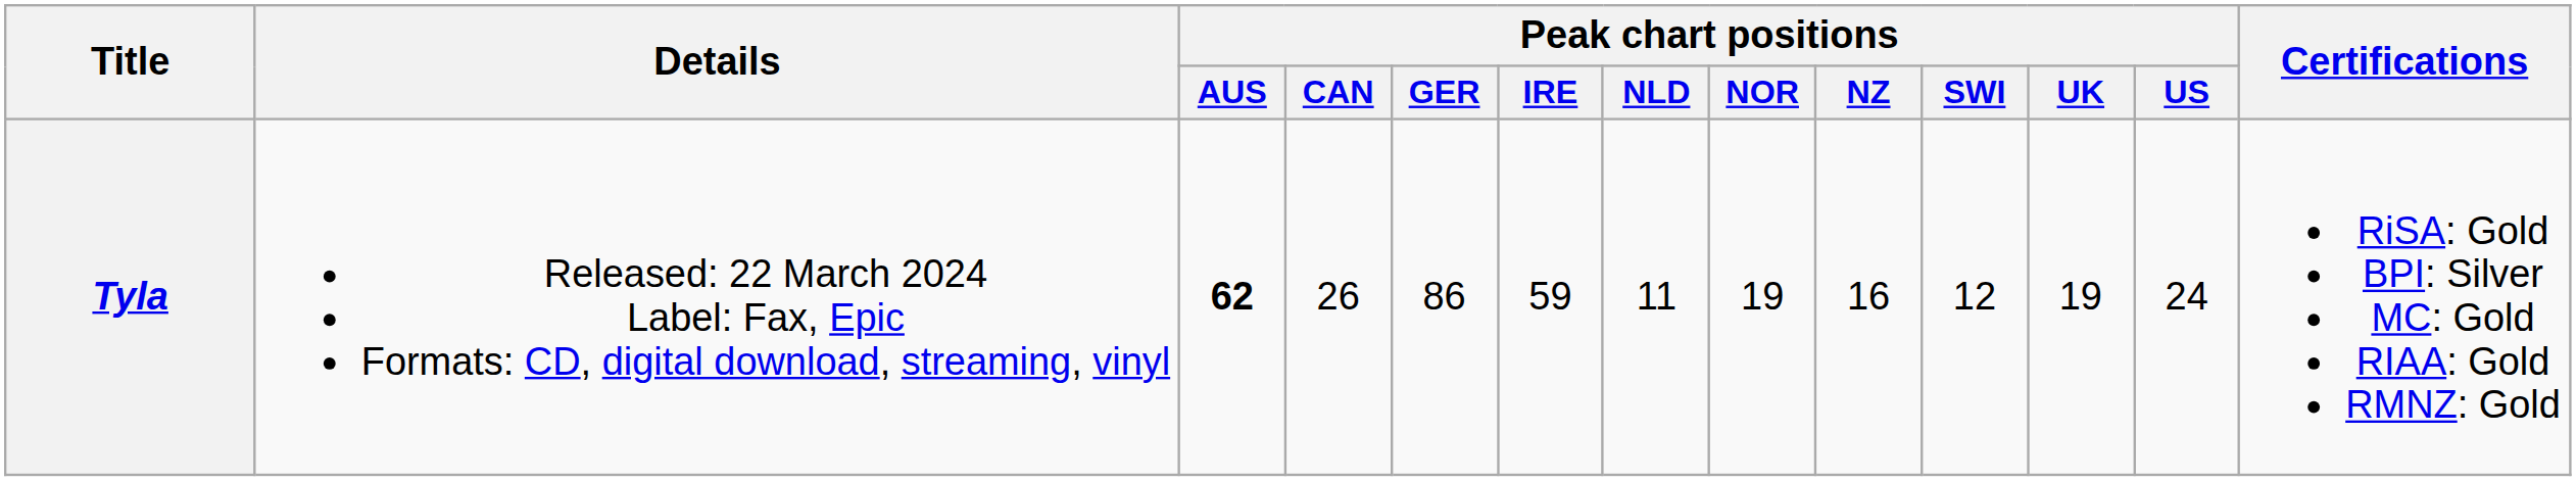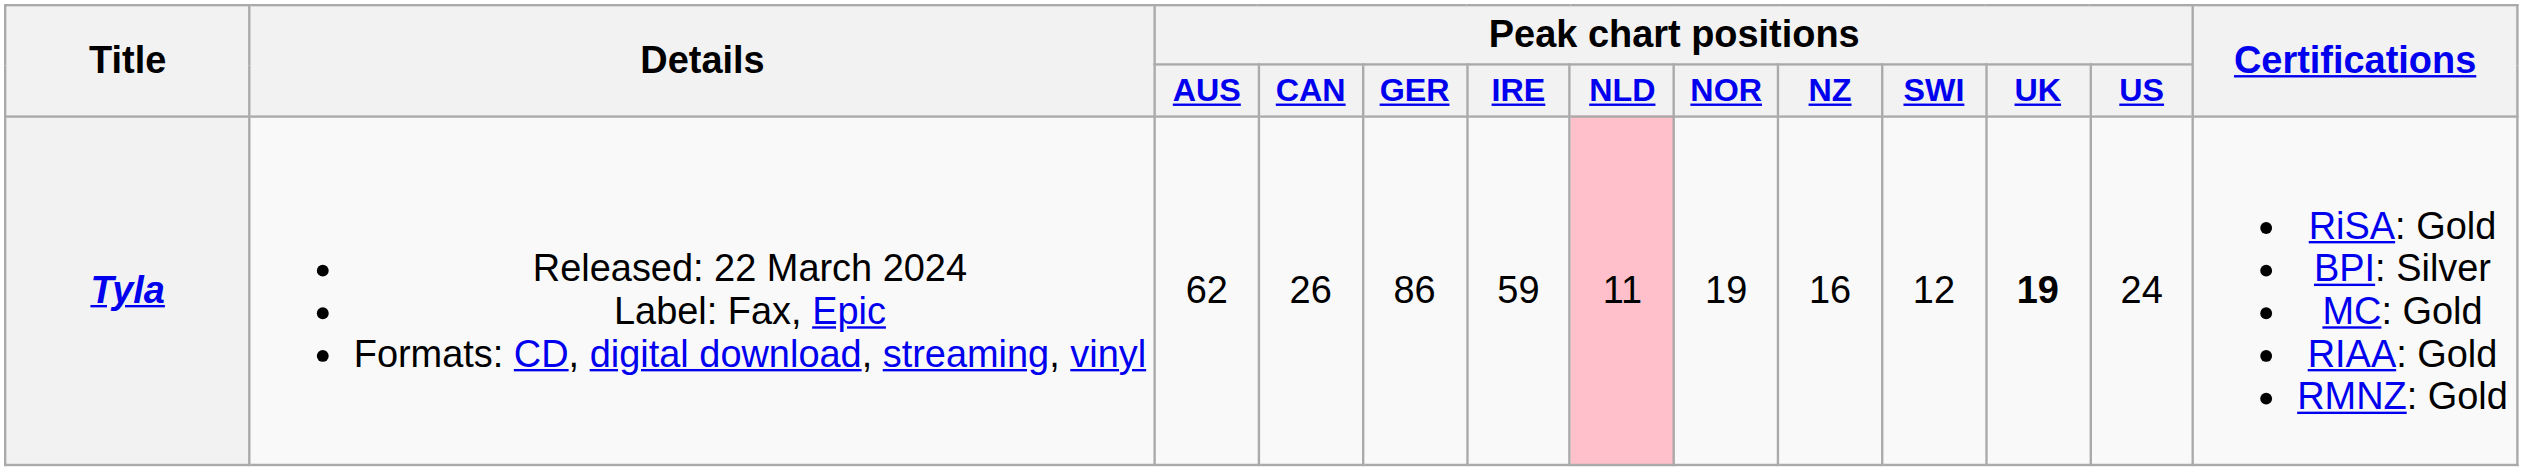 <table class="wikitable plainrowheaders" style="text-align:center">
 <tr>
 <th scope="col" rowspan="2" style="width:6em;">Title</th>
 <th scope="col" rowspan="2">Details</th>
 <th scope="col" colspan="10">Peak chart positions</th>
 <th scope="col" rowspan="2"><a href='#'>Certifications</a></th>
 </tr>
 <tr>
 <th scope="col" style="width:2.75em;font-size:85%;"><a href='#'>AUS</a><br></th>
 <th scope="col" style="width:2.75em;font-size:85%;"><a href='#'>CAN</a><br></th>
 <th scope="col" style="width:2.75em;font-size:85%;"><a href='#'>GER</a><br></th>
 <th scope="col" style="width:2.75em;font-size:85%;"><a href='#'>IRE</a><br></th>
 <th scope="col" style="width:2.75em;font-size:85%;"><a href='#'>NLD</a><br></th>
 <th scope="col" style="width:2.75em;font-size:85%;"><a href='#'>NOR</a><br></th>
 <th scope="col" style="width:2.75em;font-size:85%;"><a href='#'>NZ</a><br></th>
 <th scope="col" style="width:2.75em;font-size:85%;"><a href='#'>SWI</a><br></th>
 <th scope="col" style="width:2.75em;font-size:85%;"><a href='#'>UK</a><br></th>
 <th scope="col" style="width:2.75em;font-size:85%;"><a href='#'>US</a><br></th>
 </tr>
 <tr>
 <th scope="row"><em><a href='#'>Tyla</a></em></th>
 <td><br><ul><li>Released: 22 March 2024</li><li>Label: Fax, <a href='#'>Epic</a></li><li>Formats: <a href='#'>CD</a>, <a href='#'>digital download</a>, <a href='#'>streaming</a>, <a href='#'>vinyl</a></li></ul></td>
-<td><strong>62</strong></td>
+<td>62</td>
 <td>26</td>
 <td>86</td>
 <td>59</td>
-<td>11</td>
+<td style="background: pink;">11</td>
 <td>19</td>
 <td>16</td>
 <td>12</td>
-<td>19</td>
+<td><strong>19</strong></td>
 <td>24</td>
 <td><br><ul><li><a href='#'>RiSA</a>: Gold</li><li><a href='#'>BPI</a>: Silver</li><li><a href='#'>MC</a>: Gold</li><li><a href='#'>RIAA</a>: Gold</li><li><a href='#'>RMNZ</a>: Gold</li></ul></td>
 </tr>
 </table>
